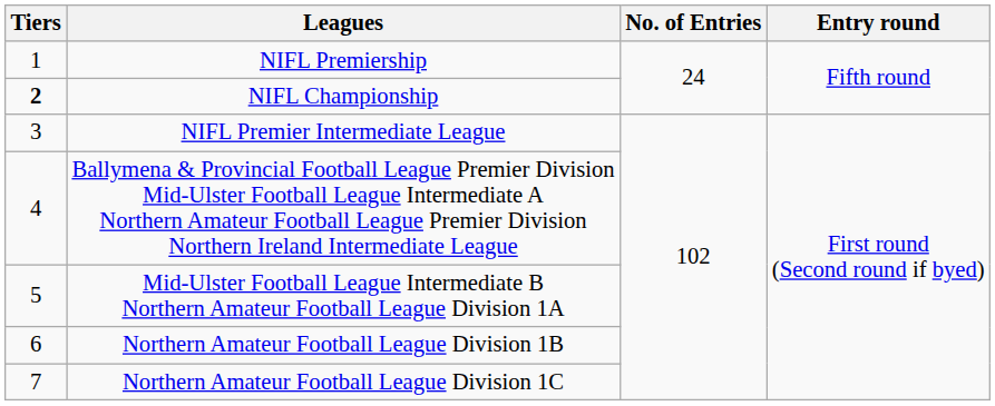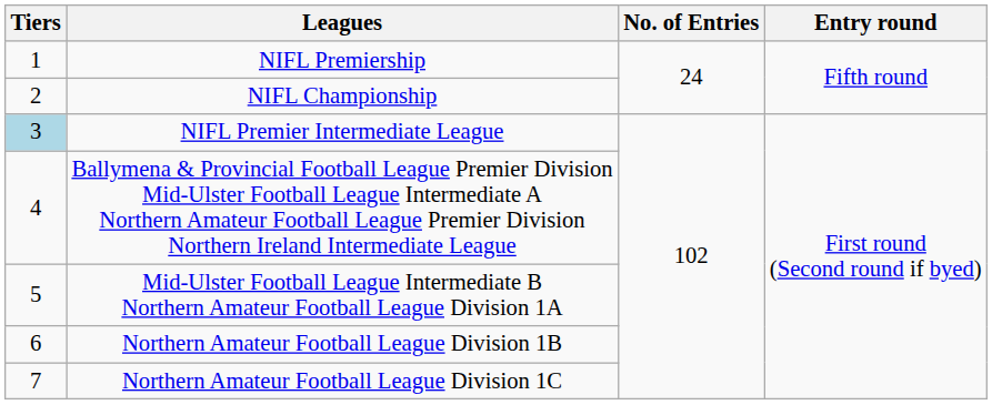 <table class="wikitable" style="text-align:center">
 <tr>
 <th>Tiers</th>
 <th>Leagues</th>
 <th>No. of Entries</th>
 <th>Entry round</th>
 </tr>
 <tr>
 <td>1</td>
 <td><a href='#'>NIFL Premiership</a></td>
 <td rowspan="2">24</td>
 <td rowspan="2"><a href='#'>Fifth round</a></td>
 </tr>
 <tr>
-<td><strong>2</strong></td>
+<td>2</td>
 <td><a href='#'>NIFL Championship</a></td>
 </tr>
 <tr>
-<td>3</td>
+<td style="background: lightblue;">3</td>
 <td><a href='#'>NIFL Premier Intermediate League</a></td>
 <td rowspan="5">102</td>
 <td rowspan="5"><a href='#'>First round</a><br>(<a href='#'>Second round</a> if <a href='#'>byed</a>)</td>
 </tr>
 <tr>
 <td>4</td>
 <td><a href='#'>Ballymena & Provincial Football League</a> Premier Division<br><a href='#'>Mid-Ulster Football League</a> Intermediate A<br><a href='#'>Northern Amateur Football League</a> Premier Division<br><a href='#'>Northern Ireland Intermediate League</a></td>
 </tr>
 <tr>
 <td>5</td>
 <td><a href='#'>Mid-Ulster Football League</a> Intermediate B<br><a href='#'>Northern Amateur Football League</a> Division 1A</td>
 </tr>
 <tr>
 <td>6</td>
 <td><a href='#'>Northern Amateur Football League</a> Division 1B</td>
 </tr>
 <tr>
 <td>7</td>
 <td><a href='#'>Northern Amateur Football League</a> Division 1C</td>
 </tr>
 </table>
